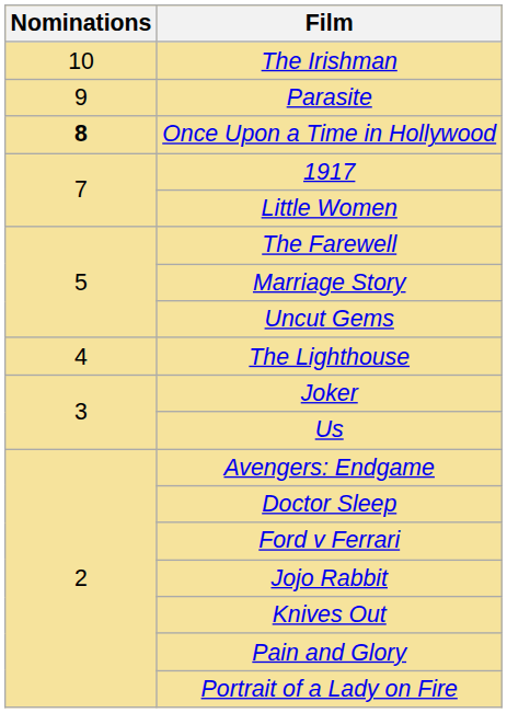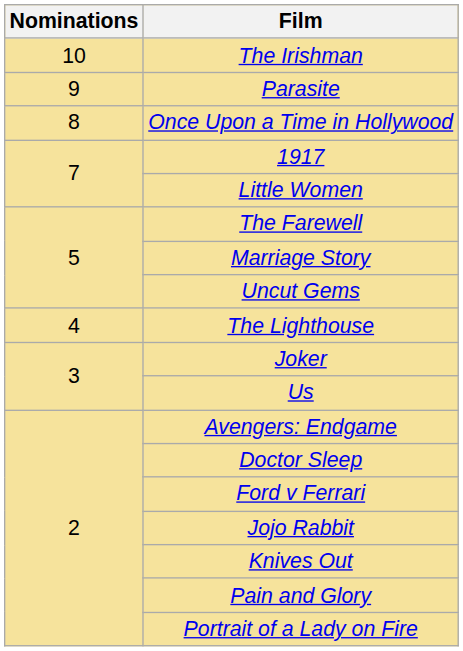 <table class="wikitable plainrowheaders" rowspan=2 style="text-align: center; background: #f6e39c">
 <tr>
 <th scope="col" width="55">Nominations</th>
 <th scope="col" align="center">Film</th>
 </tr>
 <tr>
 <td>10</td>
 <td><em><a href='#'>The Irishman</a></em></td>
 </tr>
 <tr>
 <td>9</td>
 <td><em><a href='#'>Parasite</a></em></td>
 </tr>
 <tr>
-<td><strong>8</strong></td>
+<td>8</td>
 <td><em><a href='#'>Once Upon a Time in Hollywood</a></em></td>
 </tr>
 <tr>
 <td rowspan="2">7</td>
 <td><em><a href='#'>1917</a></em></td>
 </tr>
 <tr>
 <td><em><a href='#'>Little Women</a></em></td>
 </tr>
 <tr>
 <td rowspan="3">5</td>
 <td><em><a href='#'>The Farewell</a></em></td>
 </tr>
 <tr>
 <td><em><a href='#'>Marriage Story</a></em></td>
 </tr>
 <tr>
 <td><em><a href='#'>Uncut Gems</a></em></td>
 </tr>
 <tr>
 <td>4</td>
 <td><em><a href='#'>The Lighthouse</a></em></td>
 </tr>
 <tr>
 <td rowspan="2">3</td>
 <td><em><a href='#'>Joker</a></em></td>
 </tr>
 <tr>
 <td><em><a href='#'>Us</a></em></td>
 </tr>
 <tr>
 <td rowspan="7">2</td>
 <td><em><a href='#'>Avengers: Endgame</a></em></td>
 </tr>
 <tr>
 <td><em><a href='#'>Doctor Sleep</a></em></td>
 </tr>
 <tr>
 <td><em><a href='#'>Ford v Ferrari</a></em></td>
 </tr>
 <tr>
 <td><em><a href='#'>Jojo Rabbit</a></em></td>
 </tr>
 <tr>
 <td><em><a href='#'>Knives Out</a></em></td>
 </tr>
 <tr>
 <td><em><a href='#'>Pain and Glory</a></em></td>
 </tr>
 <tr>
 <td><em><a href='#'>Portrait of a Lady on Fire</a></em></td>
 </tr>
 </table>
